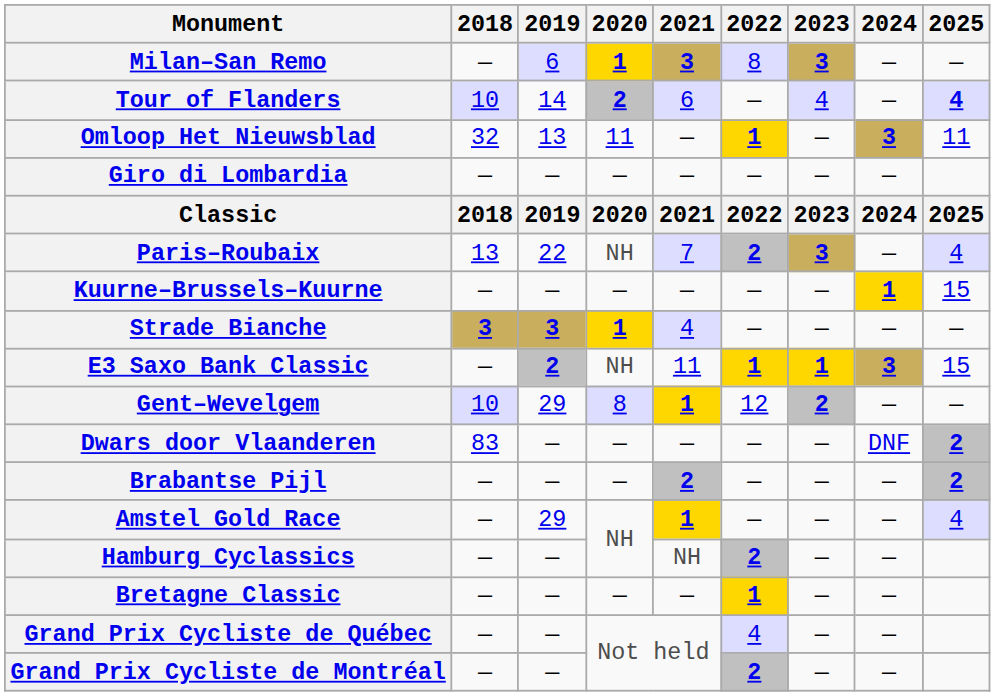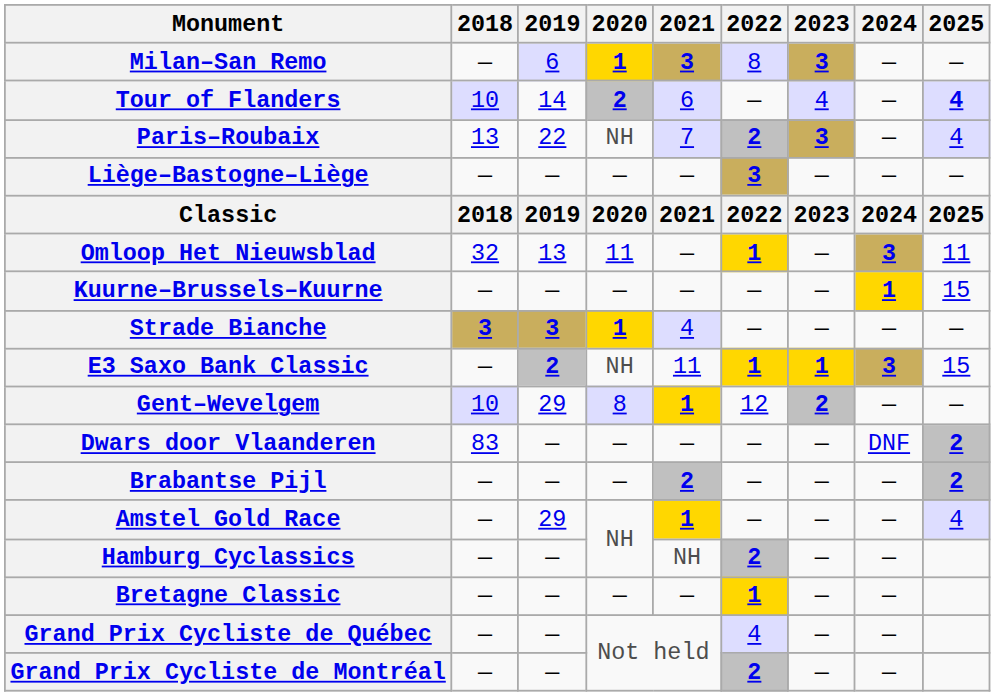 <table class="wikitable plainrowheaders">
 <tr>
 <th>Monument</th>
 <th scope="col">2018</th>
 <th scope="col">2019</th>
 <th scope="col">2020</th>
 <th scope="col">2021</th>
 <th scope="col">2022</th>
 <th scope="col">2023</th>
 <th scope="col">2024</th>
 <th scope="col">2025</th>
 </tr>
 <tr style="text-align:center;">
 <th scope="row"><a href='#'>Milan–San Remo</a></th>
 <td>—</td>
 <td style="background:#ddf;"><a href='#'>6</a></td>
 <td style="background:gold;"><a href='#'><strong>1</strong></a></td>
 <td style="background:#C9AE5D;"><a href='#'><strong>3</strong></a></td>
 <td style="background:#ddf;"><a href='#'>8</a></td>
 <td style="background:#C9AE5D;"><a href='#'><strong>3</strong></a></td>
 <td>—</td>
 <td>—</td>
 </tr>
 <tr style="text-align:center;">
 <th scope="row"><a href='#'>Tour of Flanders</a></th>
 <td style="background:#ddf;"><a href='#'>10</a></td>
 <td><a href='#'>14</a></td>
 <td style="background:silver;"><a href='#'><strong>2</strong></a></td>
 <td style="background:#ddf;"><a href='#'>6</a></td>
 <td>—</td>
 <td style="background:#ddf;"><a href='#'>4</a></td>
 <td>—</td>
 <td style="background:#ddf;"><strong><a href='#'>4</a></strong></td>
 </tr>
 <tr style="text-align:center;">
-<th scope="row"><a href='#'>Omloop Het Nieuwsblad</a></th>
-<td><a href='#'>32</a></td>
+<th scope="row"><a href='#'>Paris–Roubaix</a></th>
 <td><a href='#'>13</a></td>
-<td><a href='#'>11</a></td>
+<td><a href='#'>22</a></td>
+<td style="color:#4d4d4d;">NH</td>
+<td style="background:#ddf;"><a href='#'>7</a></td>
+<td style="background:silver;"><a href='#'><strong>2</strong></a></td>
+<td style="background:#C9AE5D;"><a href='#'><strong>3</strong></a></td>
 <td>—</td>
-<td style="background:gold;"><a href='#'><strong>1</strong></a></td>
-<td>—</td>
-<td style="background:#C9AE5D;"><a href='#'><strong>3</strong></a></td>
-<td><a href='#'>11</a></td>
+<td style="background:#ddf;"><a href='#'>4</a></td>
 </tr>
 <tr style="text-align:center;">
-<th scope="row"><a href='#'>Giro di Lombardia</a></th>
+<th scope="row"><a href='#'>Liège–Bastogne–Liège</a></th>
 <td>—</td>
 <td>—</td>
 <td>—</td>
 <td>—</td>
+<td style="background:#C9AE5D;"><a href='#'><strong>3</strong></a></td>
 <td>—</td>
 <td>—</td>
 <td>—</td>
-<td></td>
 </tr>
 <tr>
 <th>Classic</th>
 <th scope="col">2018</th>
 <th scope="col">2019</th>
 <th scope="col">2020</th>
 <th scope="col">2021</th>
 <th scope="col">2022</th>
 <th scope="col">2023</th>
 <th scope="col">2024</th>
 <th scope="col">2025</th>
 </tr>
 <tr style="text-align:center;">
-<th scope="row"><a href='#'>Paris–Roubaix</a></th>
+<th scope="row"><a href='#'>Omloop Het Nieuwsblad</a></th>
+<td><a href='#'>32</a></td>
 <td><a href='#'>13</a></td>
-<td><a href='#'>22</a></td>
-<td style="color:#4d4d4d;">NH</td>
-<td style="background:#ddf;"><a href='#'>7</a></td>
-<td style="background:silver;"><a href='#'><strong>2</strong></a></td>
+<td><a href='#'>11</a></td>
+<td>—</td>
+<td style="background:gold;"><a href='#'><strong>1</strong></a></td>
+<td>—</td>
 <td style="background:#C9AE5D;"><a href='#'><strong>3</strong></a></td>
-<td>—</td>
-<td style="background:#ddf;"><a href='#'>4</a></td>
+<td><a href='#'>11</a></td>
 </tr>
 <tr style="text-align:center;">
 <th scope="row"><a href='#'>Kuurne–Brussels–Kuurne</a></th>
 <td>—</td>
 <td>—</td>
 <td>—</td>
 <td>—</td>
 <td>—</td>
 <td>—</td>
 <td style="background:gold;"><a href='#'><strong>1</strong></a></td>
 <td><a href='#'>15</a></td>
 </tr>
 <tr style="text-align:center;">
 <th scope="row"><a href='#'>Strade Bianche</a></th>
 <td style="background:#C9AE5D;"><a href='#'><strong>3</strong></a></td>
 <td style="background:#C9AE5D;"><a href='#'><strong>3</strong></a></td>
 <td style="background:gold;"><a href='#'><strong>1</strong></a></td>
 <td style="background:#ddf;"><a href='#'>4</a></td>
 <td>—</td>
 <td>—</td>
 <td>—</td>
 <td>—</td>
 </tr>
 <tr style="text-align:center;">
 <th scope="row"><a href='#'>E3 Saxo Bank Classic</a></th>
 <td>—</td>
 <td style="background:silver;"><a href='#'><strong>2</strong></a></td>
 <td style="color:#4d4d4d;">NH</td>
 <td><a href='#'>11</a></td>
 <td style="background:gold;"><a href='#'><strong>1</strong></a></td>
 <td style="background:gold;"><a href='#'><strong>1</strong></a></td>
 <td style="background:#C9AE5D;"><a href='#'><strong>3</strong></a></td>
 <td><a href='#'>15</a></td>
 </tr>
 <tr style="text-align:center;">
 <th scope="row"><a href='#'>Gent–Wevelgem</a></th>
 <td style="background:#ddf;"><a href='#'>10</a></td>
 <td><a href='#'>29</a></td>
 <td style="background:#ddf;"><a href='#'>8</a></td>
 <td style="background:gold;"><a href='#'><strong>1</strong></a></td>
 <td><a href='#'>12</a></td>
 <td style="background:silver;"><a href='#'><strong>2</strong></a></td>
 <td>—</td>
 <td>—</td>
 </tr>
 <tr style="text-align:center;">
 <th scope="row"><a href='#'>Dwars door Vlaanderen</a></th>
 <td><a href='#'>83</a></td>
 <td>—</td>
 <td>—</td>
 <td>—</td>
 <td>—</td>
 <td>—</td>
 <td><a href='#'>DNF</a></td>
 <td style="background:silver;"><a href='#'><strong>2</strong></a></td>
 </tr>
 <tr style="text-align:center;">
 <th scope="row"><a href='#'>Brabantse Pijl</a></th>
 <td>—</td>
 <td>—</td>
 <td>—</td>
 <td style="background:silver;"><a href='#'><strong>2</strong></a></td>
 <td>—</td>
 <td>—</td>
 <td>—</td>
 <td style="background:silver;"><a href='#'><strong>2</strong></a></td>
 </tr>
 <tr style="text-align:center;">
 <th scope="row"><a href='#'>Amstel Gold Race</a></th>
 <td>—</td>
 <td><a href='#'>29</a></td>
 <td style="color:#4d4d4d;" rowspan=2>NH</td>
 <td style="background:gold;"><a href='#'><strong>1</strong></a></td>
 <td>—</td>
 <td>—</td>
 <td>—</td>
 <td style="background:#ddf;"><a href='#'>4</a></td>
 </tr>
 <tr style="text-align:center;">
 <th scope="row"><a href='#'>Hamburg Cyclassics</a></th>
 <td>—</td>
 <td>—</td>
 <td style="color:#4d4d4d;">NH</td>
 <td style="background:silver;"><a href='#'><strong>2</strong></a></td>
 <td>—</td>
 <td>—</td>
 <td></td>
 </tr>
 <tr style="text-align:center;">
 <th scope="row"><a href='#'>Bretagne Classic</a></th>
 <td>—</td>
 <td>—</td>
 <td>—</td>
 <td>—</td>
 <td style="background:gold;"><a href='#'><strong>1</strong></a></td>
 <td>—</td>
 <td>—</td>
 <td></td>
 </tr>
 <tr style="text-align:center;">
 <th scope="row"><a href='#'>Grand Prix Cycliste de Québec</a></th>
 <td>—</td>
 <td>—</td>
 <td style="color:#4d4d4d;" colspan=2 rowspan=2>Not held</td>
 <td style="background:#ddf;"><a href='#'>4</a></td>
 <td>—</td>
 <td>—</td>
 <td></td>
 </tr>
 <tr style="text-align:center;">
 <th scope="row"><a href='#'>Grand Prix Cycliste de Montréal</a></th>
 <td>—</td>
 <td>—</td>
 <td style="background:silver;"><a href='#'><strong>2</strong></a></td>
 <td>—</td>
 <td>—</td>
 <td></td>
 </tr>
 </table>
